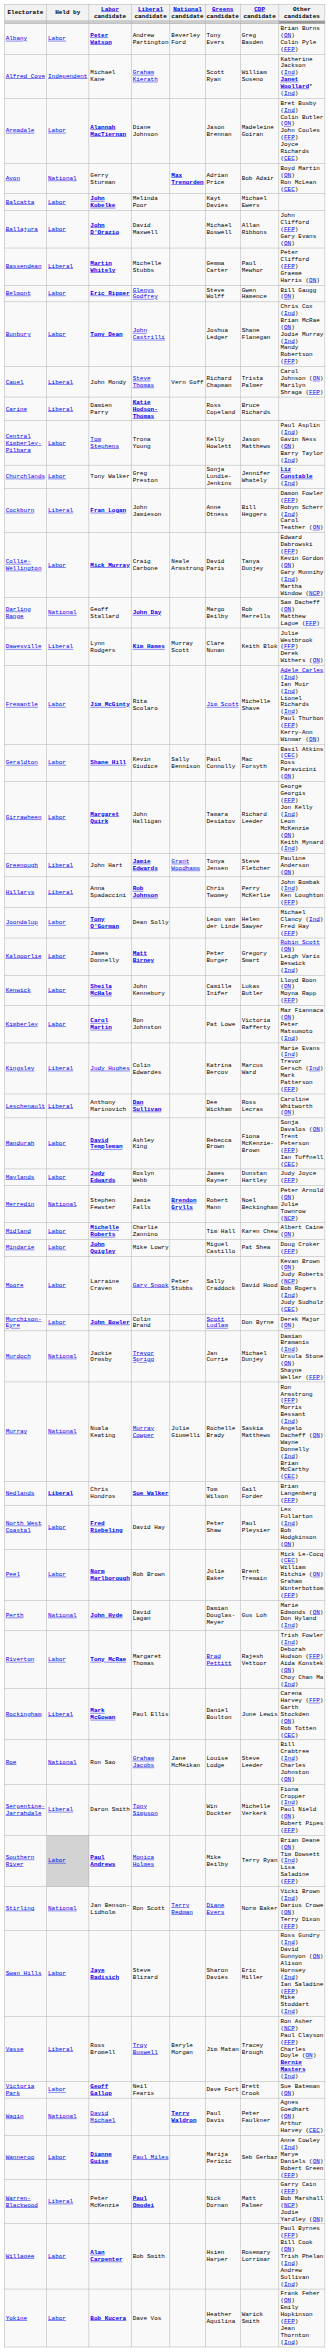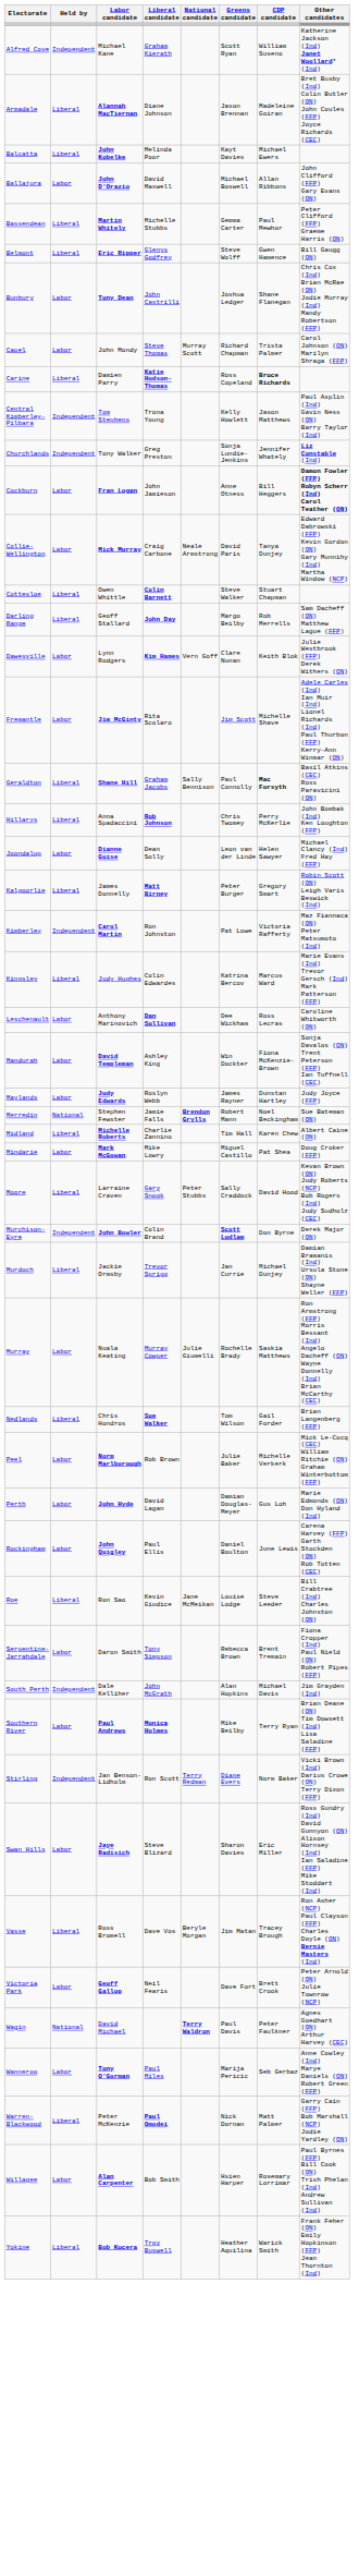 <table class="wikitable">
 <tr>
 <th>Electorate</th>
 <th>Held by</th>
 <th><a href='#'>Labor</a> candidate</th>
 <th><a href='#'>Liberal</a> candidate</th>
 <th><a href='#'>National</a> candidate</th>
 <th><a href='#'>Greens</a> candidate</th>
 <th><a href='#'>CDP</a> candidate</th>
 <th>Other candidates</th>
 </tr>
 <tr bgcolor="#cccccc">
 <td></td>
 <td></td>
 <td></td>
 <td></td>
 <td></td>
 <td></td>
 <td></td>
 <td bgcolor="#999999"></td>
 </tr>
 <tr>
-<td><a href='#'>Albany</a></td>
-<td><a href='#'>Labor</a></td>
-<td><strong><a href='#'>Peter Watson</a></strong></td>
-<td>Andrew Partington</td>
-<td>Beverley Ford</td>
-<td>Tony Evers</td>
-<td>Greg Basden</td>
-<td>Brian Burns (<a href='#'>ON</a>)<br>Colin Pyle (<a href='#'>FFP</a>)</td>
-</tr>
-<tr>
 <td><a href='#'>Alfred Cove</a></td>
 <td><a href='#'>Independent</a></td>
 <td>Michael Kane</td>
 <td><a href='#'>Graham Kierath</a></td>
 <td></td>
 <td>Scott Ryan</td>
 <td>William Suseno</td>
 <td>Katherine Jackson (<a href='#'>Ind</a>)<br><strong><a href='#'>Janet Woollard</a></strong>* (<a href='#'>Ind</a>)</td>
 </tr>
 <tr>
 <td><a href='#'>Armadale</a></td>
-<td><a href='#'>Labor</a></td>
+<td><a href='#'>Liberal</a></td>
 <td><strong><a href='#'>Alannah MacTiernan</a></strong></td>
 <td>Diane Johnson</td>
 <td></td>
 <td>Jason Brennan</td>
 <td>Madeleine Goiran</td>
 <td>Bret Busby (<a href='#'>Ind</a>)<br>Colin Butler (<a href='#'>ON</a>)<br>John Coules (<a href='#'>FFP</a>)<br>Joyce Richards (<a href='#'>CEC</a>)</td>
 </tr>
 <tr>
-<td><a href='#'>Avon</a></td>
-<td><a href='#'>National</a></td>
-<td>Gerry Sturman</td>
-<td></td>
-<td><strong><a href='#'>Max Trenorden</a></strong></td>
-<td>Adrian Price</td>
-<td>Bob Adair</td>
-<td>Boyd Martin (<a href='#'>ON</a>)<br>Ron McLean (<a href='#'>CEC</a>)</td>
-</tr>
-<tr>
 <td><a href='#'>Balcatta</a></td>
-<td><a href='#'>Labor</a></td>
+<td><a href='#'>Liberal</a></td>
 <td><strong><a href='#'>John Kobelke</a></strong></td>
 <td>Melinda Poor</td>
 <td></td>
 <td>Kayt Davies</td>
 <td>Michael Ewers</td>
 <td></td>
 </tr>
 <tr>
 <td><a href='#'>Ballajura</a></td>
 <td><a href='#'>Labor</a></td>
 <td><strong><a href='#'>John D'Orazio</a></strong></td>
 <td>David Maxwell</td>
 <td></td>
 <td>Michael Boswell</td>
 <td>Allan Ribbons</td>
 <td>John Clifford (<a href='#'>FFP</a>)<br>Gary Evans (<a href='#'>ON</a>)</td>
 </tr>
 <tr>
 <td><a href='#'>Bassendean</a></td>
 <td><a href='#'>Liberal</a></td>
 <td><strong><a href='#'>Martin Whitely</a></strong></td>
 <td>Michelle Stubbs</td>
 <td></td>
 <td>Gemma Carter</td>
 <td>Paul Mewhor</td>
 <td>Peter Clifford (<a href='#'>FFP</a>)<br>Graeme Harris (<a href='#'>ON</a>)</td>
 </tr>
 <tr>
 <td><a href='#'>Belmont</a></td>
-<td><a href='#'>Labor</a></td>
+<td><a href='#'>Liberal</a></td>
 <td><strong><a href='#'>Eric Ripper</a></strong></td>
 <td><a href='#'>Glenys Godfrey</a></td>
 <td></td>
 <td>Steve Wolff</td>
 <td>Gwen Hamence</td>
 <td>Bill Gaugg (<a href='#'>ON</a>)</td>
 </tr>
 <tr>
 <td><a href='#'>Bunbury</a></td>
 <td><a href='#'>Labor</a></td>
 <td><strong><a href='#'>Tony Dean</a></strong></td>
 <td><a href='#'>John Castrilli</a></td>
 <td></td>
 <td>Joshua Ledger</td>
 <td>Shane Flanegan</td>
 <td>Chris Cox (<a href='#'>Ind</a>)<br>Brian McRae (<a href='#'>ON</a>)<br>Jodie Murray (<a href='#'>Ind</a>)<br>Mandy Robertson (<a href='#'>FFP</a>)</td>
 </tr>
 <tr>
 <td><a href='#'>Capel</a></td>
-<td><a href='#'>Liberal</a></td>
+<td><a href='#'>Labor</a></td>
 <td>John Mondy</td>
 <td><a href='#'>Steve Thomas</a></td>
-<td>Vern Goff</td>
+<td>Murray Scott</td>
 <td>Richard Chapman</td>
 <td>Trista Palmer</td>
 <td>Carol Johnson (<a href='#'>ON</a>)<br>Marilyn Shraga (<a href='#'>FFP</a>)</td>
 </tr>
 <tr>
 <td><a href='#'>Carine</a></td>
 <td><a href='#'>Liberal</a></td>
 <td>Damien Parry</td>
 <td><strong><a href='#'>Katie Hodson-Thomas</a></strong></td>
 <td></td>
 <td>Ross Copeland</td>
-<td>Bruce Richards</td>
+<td><strong>Bruce Richards</strong></td>
 <td></td>
 </tr>
 <tr>
 <td><a href='#'>Central Kimberley-Pilbara</a></td>
-<td><a href='#'>Labor</a></td>
+<td><a href='#'>Independent</a></td>
 <td><a href='#'>Tom Stephens</a></td>
 <td>Trona Young</td>
 <td></td>
 <td>Kelly Howlett</td>
 <td>Jason Matthews</td>
 <td>Paul Asplin (<a href='#'>Ind</a>)<br>Gavin Ness (<a href='#'>ON</a>)<br>Barry Taylor (<a href='#'>Ind</a>)</td>
 </tr>
 <tr>
 <td><a href='#'>Churchlands</a></td>
-<td><a href='#'>Labor</a></td>
+<td><a href='#'>Independent</a></td>
 <td>Tony Walker</td>
 <td>Greg Preston</td>
 <td></td>
 <td>Sonja Lundie-Jenkins</td>
 <td>Jennifer Whately</td>
 <td><strong><a href='#'>Liz Constable</a></strong> (<a href='#'>Ind</a>)</td>
 </tr>
 <tr>
 <td><a href='#'>Cockburn</a></td>
-<td><a href='#'>Liberal</a></td>
+<td><a href='#'>Labor</a></td>
 <td><strong><a href='#'>Fran Logan</a></strong></td>
 <td>John Jamieson</td>
 <td></td>
 <td>Anne Otness</td>
 <td>Bill Heggers</td>
-<td>Damon Fowler (<a href='#'>FFP</a>)<br>Robyn Scherr (<a href='#'>Ind</a>)<br>Carol Teather (<a href='#'>ON</a>)</td>
+<td><strong>Damon Fowler (<a href='#'>FFP</a>)<br>Robyn Scherr (<a href='#'>Ind</a>)<br>Carol Teather (<a href='#'>ON</a>)</strong></td>
 </tr>
 <tr>
 <td><a href='#'>Collie-Wellington</a></td>
 <td><a href='#'>Labor</a></td>
 <td><strong><a href='#'>Mick Murray</a></strong></td>
 <td>Craig Carbone</td>
 <td>Neale Armstrong</td>
 <td>David Paris</td>
 <td>Tanya Dunjey</td>
 <td>Edward Dabrowski (<a href='#'>FFP</a>)<br>Kevin Gordon (<a href='#'>ON</a>)<br>Gary Munnihy (<a href='#'>Ind</a>)<br>Martha Window (<a href='#'>NCP</a>)</td>
 </tr>
 <tr>
+<td><a href='#'>Cottesloe</a></td>
+<td><a href='#'>Liberal</a></td>
+<td>Owen Whittle</td>
+<td><strong><a href='#'>Colin Barnett</a></strong></td>
+<td></td>
+<td>Steve Walker</td>
+<td>Stuart Chapman</td>
+<td></td>
+</tr>
+<tr>
 <td><a href='#'>Darling Range</a></td>
-<td><a href='#'>National</a></td>
+<td><a href='#'>Liberal</a></td>
 <td>Geoff Stallard</td>
 <td><strong><a href='#'>John Day</a></strong></td>
 <td></td>
 <td>Margo Beilby</td>
 <td>Rob Merrells</td>
 <td>Sam Dacheff (<a href='#'>ON</a>)<br>Matthew Lague (<a href='#'>FFP</a>)</td>
 </tr>
 <tr>
 <td><a href='#'>Dawesville</a></td>
-<td><a href='#'>Liberal</a></td>
+<td><a href='#'>Labor</a></td>
 <td>Lynn Rodgers</td>
 <td><strong><a href='#'>Kim Hames</a></strong></td>
-<td>Murray Scott</td>
+<td>Vern Goff</td>
 <td>Clare Nunan</td>
 <td>Keith Blok</td>
 <td>Julie Westbrook (<a href='#'>FFP</a>)<br>Derek Withers (<a href='#'>ON</a>)</td>
 </tr>
 <tr>
 <td><a href='#'>Fremantle</a></td>
 <td><a href='#'>Labor</a></td>
 <td><strong><a href='#'>Jim McGinty</a></strong></td>
 <td>Rita Scolaro</td>
 <td></td>
 <td><a href='#'>Jim Scott</a></td>
 <td>Michelle Shave</td>
 <td><a href='#'>Adele Carles</a> (<a href='#'>Ind</a>)<br>Ian Muir (<a href='#'>Ind</a>)<br>Lionel Richards (<a href='#'>Ind</a>)<br>Paul Thurbon (<a href='#'>FFP</a>)<br>Kerry-Ann Winmar (<a href='#'>ON</a>)</td>
 </tr>
 <tr>
 <td><a href='#'>Geraldton</a></td>
-<td><a href='#'>Labor</a></td>
+<td><a href='#'>Liberal</a></td>
 <td><strong><a href='#'>Shane Hill</a></strong></td>
-<td>Kevin Giudice</td>
+<td><a href='#'>Graham Jacobs</a></td>
 <td>Sally Bennison</td>
 <td>Paul Connolly</td>
-<td>Mac Forsyth</td>
+<td><strong>Mac Forsyth</strong></td>
 <td>Basil Atkins (<a href='#'>CEC</a>)<br>Ross Paravicini (<a href='#'>ON</a>)</td>
-</tr>
-<tr>
-<td><a href='#'>Girrawheen</a></td>
-<td><a href='#'>Labor</a></td>
-<td><strong><a href='#'>Margaret Quirk</a></strong></td>
-<td>John Halligan</td>
-<td></td>
-<td>Tamara Desiatov</td>
-<td>Richard Leeder</td>
-<td>George Georgis (<a href='#'>FFP</a>)<br>Jon Kelly (<a href='#'>Ind</a>)<br>Leon McKenzie (<a href='#'>ON</a>)<br>Keith Mynard (<a href='#'>Ind</a>)</td>
-</tr>
-<tr>
-<td><a href='#'>Greenough</a></td>
-<td><a href='#'>Liberal</a></td>
-<td>John Hart</td>
-<td><strong><a href='#'>Jamie Edwards</a></strong></td>
-<td><a href='#'>Grant Woodhams</a></td>
-<td>Tonya Jensen</td>
-<td>Steve Fletcher</td>
-<td>Pauline Anderson (<a href='#'>ON</a>)</td>
 </tr>
 <tr>
 <td><a href='#'>Hillarys</a></td>
 <td><a href='#'>Liberal</a></td>
 <td>Anna Spadaccini</td>
 <td><strong><a href='#'>Rob Johnson</a></strong></td>
 <td></td>
 <td>Chris Twomey</td>
 <td>Perry McKerlie</td>
 <td>John Bombak (<a href='#'>Ind</a>)<br>Ken Loughton (<a href='#'>FFP</a>)</td>
 </tr>
 <tr>
 <td><a href='#'>Joondalup</a></td>
 <td><a href='#'>Labor</a></td>
-<td><strong><a href='#'>Tony O'Gorman</a></strong></td>
+<td><strong><a href='#'>Dianne Guise</a></strong></td>
 <td>Dean Solly</td>
 <td></td>
 <td>Leon van der Linde</td>
 <td>Helen Sawyer</td>
 <td>Michael Clancy (<a href='#'>Ind</a>)<br>Fred Hay (<a href='#'>FFP</a>)</td>
 </tr>
 <tr>
 <td><a href='#'>Kalgoorlie</a></td>
-<td><a href='#'>Labor</a></td>
+<td><a href='#'>Liberal</a></td>
 <td>James Donnelly</td>
 <td><strong><a href='#'>Matt Birney</a></strong></td>
 <td></td>
 <td>Peter Burger</td>
 <td>Gregory Smart</td>
 <td><a href='#'>Robin Scott</a> (<a href='#'>ON</a>)<br>Leigh Varis Beswick (<a href='#'>Ind</a>)</td>
 </tr>
 <tr>
-<td><a href='#'>Kenwick</a></td>
-<td><a href='#'>Labor</a></td>
-<td><strong><a href='#'>Sheila McHale</a></strong></td>
-<td>John Kennebury</td>
-<td></td>
-<td>Camille Inifer</td>
-<td>Lukas Butler</td>
-<td>Lloyd Boon (<a href='#'>ON</a>)<br>Moyna Rapp (<a href='#'>FFP</a>)</td>
-</tr>
-<tr>
 <td><a href='#'>Kimberley</a></td>
-<td><a href='#'>Labor</a></td>
+<td><a href='#'>Independent</a></td>
 <td><strong><a href='#'>Carol Martin</a></strong></td>
 <td>Ron Johnston</td>
 <td></td>
 <td>Pat Lowe</td>
 <td>Victoria Rafferty</td>
 <td>Maz Fiannaca (<a href='#'>ON</a>)<br>Peter Matsumoto (<a href='#'>Ind</a>)</td>
 </tr>
 <tr>
 <td><a href='#'>Kingsley</a></td>
 <td><a href='#'>Liberal</a></td>
 <td><a href='#'>Judy Hughes</a></td>
 <td>Colin Edwardes</td>
 <td></td>
 <td>Katrina Bercov</td>
 <td>Marcus Ward</td>
 <td>Marie Evans (<a href='#'>Ind</a>)<br>Trevor Gersch (<a href='#'>Ind</a>)<br>Mark Patterson (<a href='#'>FFP</a>)</td>
 </tr>
 <tr>
 <td><a href='#'>Leschenault</a></td>
-<td><a href='#'>Liberal</a></td>
+<td><a href='#'>Labor</a></td>
 <td>Anthony Marinovich</td>
 <td><strong><a href='#'>Dan Sullivan</a></strong></td>
 <td></td>
 <td>Dee Wickham</td>
 <td>Ross Lecras</td>
 <td>Caroline Whitworth (<a href='#'>ON</a>)</td>
 </tr>
 <tr>
 <td><a href='#'>Mandurah</a></td>
 <td><a href='#'>Labor</a></td>
 <td><strong><a href='#'>David Templeman</a></strong></td>
 <td>Ashley King</td>
 <td></td>
-<td>Rebecca Brown</td>
+<td>Win Dockter</td>
 <td>Fiona McKenzie-Brown</td>
 <td>Sonja Davalos (<a href='#'>ON</a>)<br>Trent Peterson (<a href='#'>FFP</a>)<br>Ian Tuffnell (<a href='#'>CEC</a>)</td>
 </tr>
 <tr>
 <td><a href='#'>Maylands</a></td>
 <td><a href='#'>Labor</a></td>
 <td><strong><a href='#'>Judy Edwards</a></strong></td>
 <td>Roslyn Webb</td>
 <td></td>
 <td>James Rayner</td>
 <td>Dunstan Hartley</td>
 <td>Judy Joyce (<a href='#'>FFP</a>)</td>
 </tr>
 <tr>
 <td><a href='#'>Merredin</a></td>
 <td><a href='#'>National</a></td>
 <td>Stephen Fewster</td>
 <td>Jamie Falls</td>
 <td><strong><a href='#'>Brendon Grylls</a></strong></td>
 <td>Robert Mann</td>
 <td>Noel Beckingham</td>
-<td>Peter Arnold (<a href='#'>ON</a>)<br>Julie Townrow (<a href='#'>NCP</a>)</td>
+<td>Sue Bateman (<a href='#'>ON</a>)</td>
 </tr>
 <tr>
 <td><a href='#'>Midland</a></td>
-<td><a href='#'>Labor</a></td>
+<td><a href='#'>Liberal</a></td>
 <td><strong><a href='#'>Michelle Roberts</a></strong></td>
 <td>Charlie Zannino</td>
 <td></td>
 <td>Tim Hall</td>
 <td>Karen Chew</td>
 <td>Albert Caine (<a href='#'>ON</a>)</td>
 </tr>
 <tr>
 <td><a href='#'>Mindarie</a></td>
 <td><a href='#'>Labor</a></td>
-<td><strong><a href='#'>John Quigley</a></strong></td>
+<td><strong><a href='#'>Mark McGowan</a></strong></td>
 <td>Mike Lowry</td>
 <td></td>
 <td>Miguel Castillo</td>
 <td>Pat Shea</td>
 <td>Doug Croker (<a href='#'>FFP</a>)</td>
 </tr>
 <tr>
 <td><a href='#'>Moore</a></td>
-<td><a href='#'>Labor</a></td>
+<td><a href='#'>Liberal</a></td>
 <td>Larraine Craven</td>
 <td><a href='#'>Gary Snook</a></td>
 <td>Peter Stubbs</td>
 <td>Sally Craddock</td>
 <td>David Hood</td>
 <td>Kevan Brown (<a href='#'>ON</a>)<br>Judy Roberts (<a href='#'>NCP</a>)<br>Bob Rogers (<a href='#'>Ind</a>)<br>Judy Sudholz (<a href='#'>CEC</a>)</td>
 </tr>
 <tr>
 <td><a href='#'>Murchison-Eyre</a></td>
-<td><a href='#'>Labor</a></td>
+<td><a href='#'>Independent</a></td>
 <td><strong><a href='#'>John Bowler</a></strong></td>
 <td>Colin Brand</td>
 <td></td>
-<td><a href='#'>Scott Ludlam</a></td>
+<td><strong><a href='#'>Scott Ludlam</a></strong></td>
 <td>Don Byrne</td>
 <td>Derek Major (<a href='#'>ON</a>)</td>
 </tr>
 <tr>
 <td><a href='#'>Murdoch</a></td>
-<td><a href='#'>National</a></td>
+<td><a href='#'>Liberal</a></td>
 <td>Jackie Ormsby</td>
 <td><a href='#'>Trevor Sprigg</a></td>
 <td></td>
 <td>Jan Currie</td>
 <td>Michael Dunjey</td>
 <td>Damian Bramanis (<a href='#'>Ind</a>)<br>Ursula Stone (<a href='#'>ON</a>)<br>Shayne Weller (<a href='#'>FFP</a>)</td>
 </tr>
 <tr>
 <td><a href='#'>Murray</a></td>
-<td><a href='#'>National</a></td>
+<td><a href='#'>Labor</a></td>
 <td>Nuala Keating</td>
 <td><a href='#'>Murray Cowper</a></td>
 <td>Julie Giumelli</td>
 <td>Rochelle Brady</td>
 <td>Saskia Matthews</td>
 <td>Ron Armstrong (<a href='#'>FFP</a>)<br>Morris Bessant (<a href='#'>Ind</a>)<br>Angelo Dacheff (<a href='#'>ON</a>)<br>Wayne Donnelly (<a href='#'>Ind</a>)<br>Brian McCarthy (<a href='#'>CEC</a>)</td>
 </tr>
 <tr>
 <td><a href='#'>Nedlands</a></td>
-<td><strong><a href='#'>Liberal</a></strong></td>
+<td><a href='#'>Liberal</a></td>
 <td>Chris Hondros</td>
 <td><strong><a href='#'>Sue Walker</a></strong></td>
 <td></td>
 <td>Tom Wilson</td>
 <td>Gail Forder</td>
 <td>Brian Langenberg (<a href='#'>FFP</a>)</td>
 </tr>
 <tr>
-<td><a href='#'>North West Coastal</a></td>
-<td><a href='#'>Labor</a></td>
-<td><strong><a href='#'>Fred Riebeling</a></strong></td>
-<td>David Hay</td>
-<td></td>
-<td>Peter Shaw</td>
-<td>Paul Pleysier</td>
-<td>Lex Fullarton (<a href='#'>Ind</a>)<br>Bob Hodgkinson (<a href='#'>ON</a>)</td>
-</tr>
-<tr>
 <td><a href='#'>Peel</a></td>
 <td><a href='#'>Labor</a></td>
 <td><strong><a href='#'>Norm Marlborough</a></strong></td>
 <td>Rob Brown</td>
 <td></td>
 <td>Julie Baker</td>
-<td>Brent Tremain</td>
+<td>Michelle Verkerk</td>
 <td>Mick Le-Cocq (<a href='#'>CEC</a>)<br>William Ritchie (<a href='#'>ON</a>)<br>Graham Winterbottom (<a href='#'>FFP</a>)</td>
 </tr>
 <tr>
 <td><a href='#'>Perth</a></td>
-<td><a href='#'>National</a></td>
+<td><a href='#'>Labor</a></td>
 <td><strong><a href='#'>John Hyde</a></strong></td>
 <td>David Lagan</td>
 <td></td>
 <td>Damian Douglas-Meyer</td>
 <td>Gus Loh</td>
 <td>Marie Edmonds (<a href='#'>ON</a>)<br>Don Hyland (<a href='#'>Ind</a>)</td>
 </tr>
 <tr>
-<td><a href='#'>Riverton</a></td>
+<td><a href='#'>Rockingham</a></td>
 <td><a href='#'>Labor</a></td>
-<td><strong><a href='#'>Tony McRae</a></strong></td>
-<td>Margaret Thomas</td>
-<td></td>
-<td><a href='#'>Brad Pettitt</a></td>
-<td>Rajesh Vettoor</td>
-<td>Trish Fowler (<a href='#'>Ind</a>)<br>Deborah Hudson (<a href='#'>FFP</a>)<br>Aida Konstek (<a href='#'>ON</a>)<br>Choy Chan Ma (<a href='#'>Ind</a>)</td>
-</tr>
-<tr>
-<td><a href='#'>Rockingham</a></td>
-<td><a href='#'>Liberal</a></td>
-<td><strong><a href='#'>Mark McGowan</a></strong></td>
+<td><strong><a href='#'>John Quigley</a></strong></td>
 <td>Paul Ellis</td>
 <td></td>
 <td>Daniel Boulton</td>
 <td>June Lewis</td>
 <td>Carena Harvey (<a href='#'>FFP</a>)<br>Garth Stockden (<a href='#'>ON</a>)<br>Rob Totten (<a href='#'>CEC</a>)</td>
 </tr>
 <tr>
 <td><a href='#'>Roe</a></td>
-<td><a href='#'>National</a></td>
+<td><a href='#'>Liberal</a></td>
 <td>Ron Sao</td>
-<td><a href='#'>Graham Jacobs</a></td>
+<td>Kevin Giudice</td>
 <td>Jane McMeikan</td>
 <td>Louise Lodge</td>
 <td>Steve Leeder</td>
 <td>Bill Crabtree (<a href='#'>Ind</a>)<br>Charles Johnston (<a href='#'>ON</a>)</td>
 </tr>
 <tr>
 <td><a href='#'>Serpentine-Jarrahdale</a></td>
-<td><a href='#'>Liberal</a></td>
+<td><a href='#'>Labor</a></td>
 <td>Daron Smith</td>
 <td><a href='#'>Tony Simpson</a></td>
 <td></td>
-<td>Win Dockter</td>
-<td>Michelle Verkerk</td>
+<td>Rebecca Brown</td>
+<td>Brent Tremain</td>
 <td>Fiona Cropper (<a href='#'>Ind</a>)<br>Paul Nield (<a href='#'>ON</a>)<br>Robert Pipes (<a href='#'>FFP</a>)</td>
 </tr>
 <tr>
+<td><a href='#'>South Perth</a></td>
+<td><a href='#'>Independent</a></td>
+<td>Dale Kelliher</td>
+<td><a href='#'>John McGrath</a></td>
+<td></td>
+<td>Alan Hopkins</td>
+<td>Michael Davis</td>
+<td>Jim Grayden (<a href='#'>Ind</a>)</td>
+</tr>
+<tr>
 <td><a href='#'>Southern River</a></td>
-<td style="background: lightgrey;"><a href='#'>Labor</a></td>
+<td><a href='#'>Labor</a></td>
 <td><strong><a href='#'>Paul Andrews</a></strong></td>
-<td><a href='#'>Monica Holmes</a></td>
+<td><strong><a href='#'>Monica Holmes</a></strong></td>
 <td></td>
 <td>Mike Beilby</td>
 <td>Terry Ryan</td>
 <td>Brian Deane (<a href='#'>ON</a>)<br>Tim Dowsett (<a href='#'>Ind</a>)<br>Lisa Saladine (<a href='#'>FFP</a>)</td>
 </tr>
 <tr>
 <td><a href='#'>Stirling</a></td>
-<td><a href='#'>National</a></td>
+<td><a href='#'>Independent</a></td>
 <td>Jan Benson-Lidholm</td>
 <td>Ron Scott</td>
 <td><a href='#'>Terry Redman</a></td>
 <td><a href='#'>Diane Evers</a></td>
 <td>Norm Baker</td>
 <td>Vicki Brown (<a href='#'>Ind</a>)<br>Darius Crowe (<a href='#'>ON</a>)<br>Terry Dixon (<a href='#'>FFP</a>)</td>
 </tr>
 <tr>
 <td><a href='#'>Swan Hills</a></td>
 <td><a href='#'>Labor</a></td>
 <td><strong><a href='#'>Jaye Radisich</a></strong></td>
 <td>Steve Blizard</td>
 <td></td>
 <td>Sharon Davies</td>
 <td>Eric Miller</td>
 <td>Ross Gundry (<a href='#'>Ind</a>)<br>David Gunnyon (<a href='#'>ON</a>)<br>Alison Hornsey (<a href='#'>Ind</a>)<br>Ian Saladine (<a href='#'>FFP</a>)<br>Mike Stoddart (<a href='#'>Ind</a>)</td>
 </tr>
 <tr>
 <td><a href='#'>Vasse</a></td>
 <td><a href='#'>Liberal</a></td>
 <td>Ross Bromell</td>
-<td><a href='#'>Troy Buswell</a></td>
+<td>Dave Vos</td>
 <td>Beryle Morgan</td>
 <td>Jim Matan</td>
 <td>Tracey Brough</td>
 <td>Ron Asher (<a href='#'>NCP</a>)<br>Paul Clayson (<a href='#'>FFP</a>)<br>Charles Doyle (<a href='#'>ON</a>)<br><strong><a href='#'>Bernie Masters</a></strong> (<a href='#'>Ind</a>)</td>
 </tr>
 <tr>
 <td><a href='#'>Victoria Park</a></td>
 <td><a href='#'>Labor</a></td>
 <td><strong><a href='#'>Geoff Gallop</a></strong></td>
 <td>Neil Fearis</td>
 <td></td>
 <td>Dave Fort</td>
 <td>Brett Crook</td>
-<td>Sue Bateman (<a href='#'>ON</a>)</td>
+<td>Peter Arnold (<a href='#'>ON</a>)<br>Julie Townrow (<a href='#'>NCP</a>)</td>
 </tr>
 <tr>
 <td><a href='#'>Wagin</a></td>
 <td><a href='#'>National</a></td>
 <td><a href='#'>David Michael</a></td>
 <td></td>
 <td><strong><a href='#'>Terry Waldron</a></strong></td>
 <td>Paul Davis</td>
 <td>Peter Faulkner</td>
 <td>Agnes Goedhart (<a href='#'>ON</a>)<br>Arthur Harvey (<a href='#'>CEC</a>)</td>
 </tr>
 <tr>
 <td><a href='#'>Wanneroo</a></td>
 <td><a href='#'>Labor</a></td>
-<td><strong><a href='#'>Dianne Guise</a></strong></td>
+<td><strong><a href='#'>Tony O'Gorman</a></strong></td>
 <td><a href='#'>Paul Miles</a></td>
 <td></td>
 <td>Marija Pericic</td>
 <td>Seb Gerbaz</td>
 <td>Anne Cowley (<a href='#'>Ind</a>)<br>Marye Daniels (<a href='#'>ON</a>)<br>Robert Green (<a href='#'>FFP</a>)</td>
 </tr>
 <tr>
 <td><a href='#'>Warren-Blackwood</a></td>
 <td><a href='#'>Liberal</a></td>
 <td>Peter McKenzie</td>
 <td><strong><a href='#'>Paul Omodei</a></strong></td>
 <td></td>
 <td>Nick Dornan</td>
 <td>Matt Palmer</td>
 <td>Garry Cain (<a href='#'>FFP</a>)<br>Bob Marshall (<a href='#'>NCP</a>)<br>Jodie Yardley (<a href='#'>ON</a>)</td>
 </tr>
 <tr>
 <td><a href='#'>Willagee</a></td>
 <td><a href='#'>Labor</a></td>
 <td><strong><a href='#'>Alan Carpenter</a></strong></td>
 <td>Bob Smith</td>
 <td></td>
 <td>Hsien Harper</td>
 <td>Rosemary Lorrimar</td>
 <td>Paul Byrnes (<a href='#'>FFP</a>)<br>Bill Cook (<a href='#'>ON</a>)<br>Trish Phelan (<a href='#'>Ind</a>)<br>Andrew Sullivan (<a href='#'>Ind</a>)</td>
 </tr>
 <tr>
 <td><a href='#'>Yokine</a></td>
-<td><a href='#'>Labor</a></td>
+<td><a href='#'>Liberal</a></td>
 <td><strong><a href='#'>Bob Kucera</a></strong></td>
-<td>Dave Vos</td>
+<td><a href='#'>Troy Buswell</a></td>
 <td></td>
 <td>Heather Aquilina</td>
 <td>Warick Smith</td>
 <td>Frank Feher (<a href='#'>ON</a>)<br>Emily Hopkinson (<a href='#'>FFP</a>)<br>Jean Thornton (<a href='#'>Ind</a>)</td>
 </tr>
 </table>
